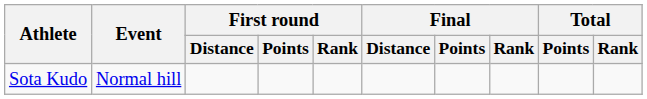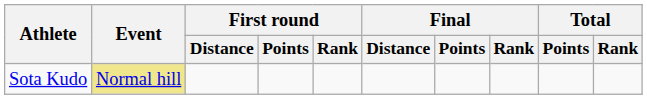 <table class="wikitable" style="font-size:90%">
 <tr>
 <th rowspan=2>Athlete</th>
 <th rowspan=2>Event</th>
 <th colspan=3>First round</th>
 <th colspan=3>Final</th>
 <th colspan=2>Total</th>
 </tr>
 <tr style="font-size:95%">
 <th>Distance</th>
 <th>Points</th>
 <th>Rank</th>
 <th>Distance</th>
 <th>Points</th>
 <th>Rank</th>
 <th>Points</th>
 <th>Rank</th>
 </tr>
 <tr align=center>
 <td align=left><a href='#'>Sota Kudo</a></td>
-<td align=left><a href='#'>Normal hill</a></td>
+<td align=left style="background: khaki;"><a href='#'>Normal hill</a></td>
 <td></td>
 <td></td>
 <td></td>
 <td></td>
 <td></td>
 <td></td>
 <td></td>
 <td></td>
 </tr>
 </table>
